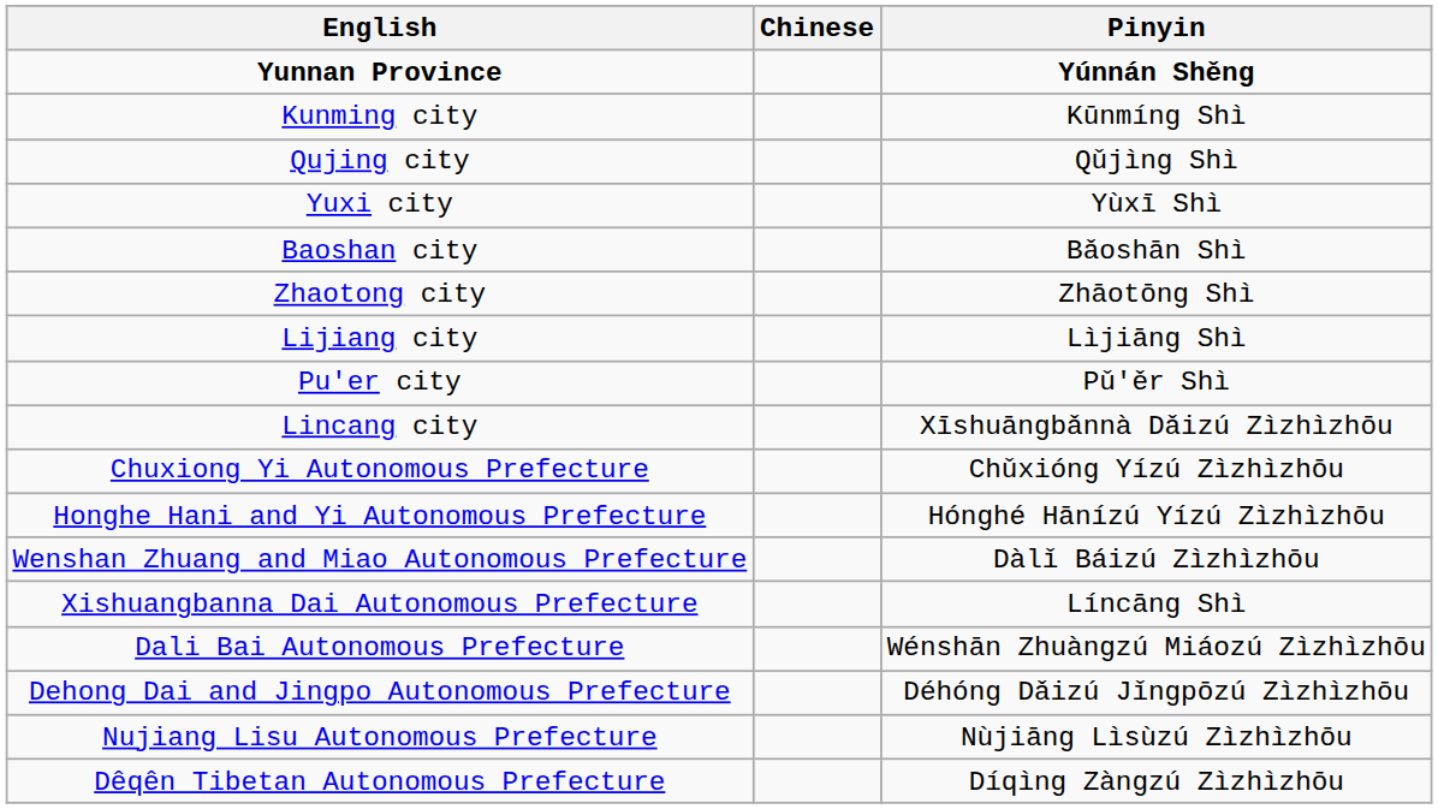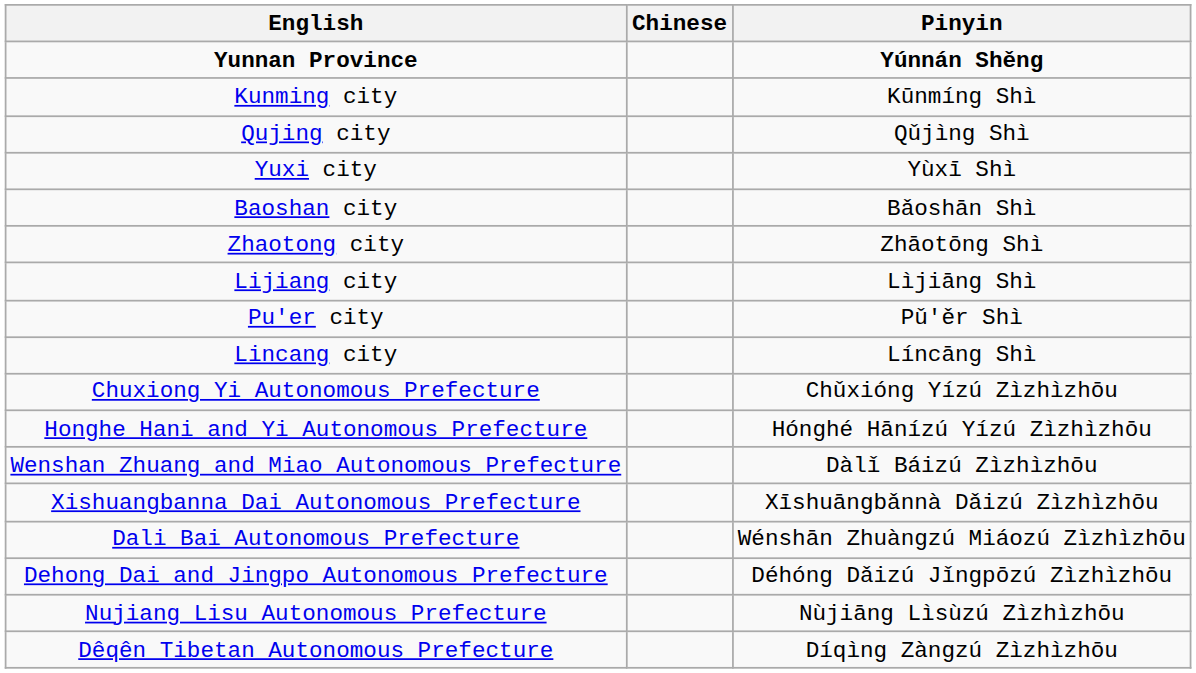 <table class="wikitable sortable collapsible collapsed" style="text-font:90%; width:auto; text-align:center; margin-left: auto; margin-right: auto;">
 <tr>
 <th>English</th>
 <th>Chinese</th>
 <th>Pinyin</th>
 </tr>
 <tr>
 <td><strong>Yunnan Province</strong></td>
 <td></td>
 <td><strong>Yúnnán Shěng</strong></td>
 </tr>
 <tr>
 <td><a href='#'>Kunming</a> city</td>
 <td></td>
 <td>Kūnmíng Shì</td>
 </tr>
 <tr>
 <td><a href='#'>Qujing</a> city</td>
 <td></td>
 <td>Qǔjìng Shì</td>
 </tr>
 <tr>
 <td><a href='#'>Yuxi</a> city</td>
 <td></td>
 <td>Yùxī Shì</td>
 </tr>
 <tr>
 <td><a href='#'>Baoshan</a> city</td>
 <td></td>
 <td>Bǎoshān Shì</td>
 </tr>
 <tr>
 <td><a href='#'>Zhaotong</a> city</td>
 <td></td>
 <td>Zhāotōng Shì</td>
 </tr>
 <tr>
 <td><a href='#'>Lijiang</a> city</td>
 <td></td>
 <td>Lìjiāng Shì</td>
 </tr>
 <tr>
 <td><a href='#'>Pu'er</a> city</td>
 <td></td>
 <td>Pǔ'ěr Shì</td>
 </tr>
 <tr>
 <td><a href='#'>Lincang</a> city</td>
 <td></td>
-<td>Xīshuāngbǎnnà Dǎizú Zìzhìzhōu</td>
+<td>Líncāng Shì</td>
 </tr>
 <tr>
 <td><a href='#'>Chuxiong Yi Autonomous Prefecture</a></td>
 <td></td>
 <td>Chǔxióng Yízú Zìzhìzhōu</td>
 </tr>
 <tr>
 <td><a href='#'>Honghe Hani and Yi Autonomous Prefecture</a></td>
 <td></td>
 <td>Hónghé Hānízú Yízú Zìzhìzhōu</td>
 </tr>
 <tr>
 <td><a href='#'>Wenshan Zhuang and Miao Autonomous Prefecture</a></td>
 <td></td>
 <td>Dàlǐ Báizú Zìzhìzhōu</td>
 </tr>
 <tr>
 <td><a href='#'>Xishuangbanna Dai Autonomous Prefecture</a></td>
 <td></td>
-<td>Líncāng Shì</td>
+<td>Xīshuāngbǎnnà Dǎizú Zìzhìzhōu</td>
 </tr>
 <tr>
 <td><a href='#'>Dali Bai Autonomous Prefecture</a></td>
 <td></td>
 <td>Wénshān Zhuàngzú Miáozú Zìzhìzhōu</td>
 </tr>
 <tr>
 <td><a href='#'>Dehong Dai and Jingpo Autonomous Prefecture</a></td>
 <td></td>
 <td>Déhóng Dǎizú Jǐngpōzú Zìzhìzhōu</td>
 </tr>
 <tr>
 <td><a href='#'>Nujiang Lisu Autonomous Prefecture</a></td>
 <td></td>
 <td>Nùjiāng Lìsùzú Zìzhìzhōu</td>
 </tr>
 <tr>
 <td><a href='#'>Dêqên Tibetan Autonomous Prefecture</a></td>
 <td></td>
 <td>Díqìng Zàngzú Zìzhìzhōu</td>
 </tr>
 </table>
